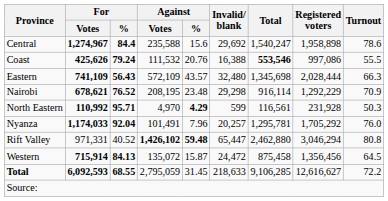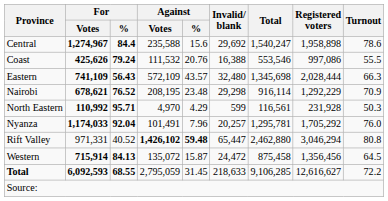 <table class="wikitable sortable" style=text-align:right>
 <tr>
 <th rowspan=2>Province</th>
 <th colspan=2>For</th>
 <th colspan=2>Against</th>
 <th rowspan=2>Invalid/<br>blank</th>
 <th rowspan=2>Total</th>
 <th rowspan=2>Registered<br>voters</th>
 <th rowspan=2>Turnout</th>
 </tr>
 <tr>
 <th>Votes</th>
 <th>%</th>
 <th>Votes</th>
 <th>%</th>
 </tr>
 <tr>
 <td align=left>Central</td>
 <td><strong>1,274,967</strong></td>
 <td><strong>84.4</strong></td>
 <td>235,588</td>
 <td>15.6</td>
 <td>29,692</td>
 <td>1,540,247</td>
 <td>1,958,898</td>
 <td>78.6</td>
 </tr>
 <tr>
 <td align=left>Coast</td>
 <td><strong>425,626</strong></td>
 <td><strong>79.24</strong></td>
 <td>111,532</td>
 <td>20.76</td>
 <td>16,388</td>
-<td><strong>553,546</strong></td>
+<td>553,546</td>
 <td>997,086</td>
 <td>55.5</td>
 </tr>
 <tr>
 <td align=left>Eastern</td>
 <td><strong>741,109</strong></td>
 <td><strong>56.43</strong></td>
 <td>572,109</td>
 <td>43.57</td>
 <td>32,480</td>
 <td>1,345,698</td>
 <td>2,028,444</td>
 <td>66.3</td>
 </tr>
 <tr>
 <td align=left>Nairobi</td>
 <td><strong>678,621</strong></td>
 <td><strong>76.52</strong></td>
 <td>208,195</td>
 <td>23.48</td>
 <td>29,298</td>
 <td>916,114</td>
 <td>1,292,229</td>
 <td>70.9</td>
 </tr>
 <tr>
 <td align=left>North Eastern</td>
 <td><strong>110,992</strong></td>
 <td><strong>95.71</strong></td>
 <td>4,970</td>
-<td><strong>4.29</strong></td>
+<td>4.29</td>
 <td>599</td>
 <td>116,561</td>
 <td>231,928</td>
 <td>50.3</td>
 </tr>
 <tr>
 <td align=left>Nyanza</td>
 <td><strong>1,174,033</strong></td>
 <td><strong>92.04</strong></td>
 <td>101,491</td>
 <td>7.96</td>
 <td>20,257</td>
 <td>1,295,781</td>
 <td>1,705,292</td>
 <td>76.0</td>
 </tr>
 <tr>
 <td align=left>Rift Valley</td>
 <td>971,331</td>
 <td>40.52</td>
 <td><strong>1,426,102</strong></td>
 <td><strong>59.48</strong></td>
 <td>65,447</td>
 <td>2,462,880</td>
 <td>3,046,294</td>
 <td>80.8</td>
 </tr>
 <tr>
 <td align=left>Western</td>
 <td><strong>715,914</strong></td>
 <td><strong>84.13</strong></td>
 <td>135,072</td>
 <td>15.87</td>
 <td>24,472</td>
 <td>875,458</td>
 <td>1,356,456</td>
 <td>64.5</td>
 </tr>
 <tr>
 <td align=left><strong>Total</strong></td>
 <td><strong>6,092,593</strong></td>
 <td><strong>68.55</strong></td>
 <td>2,795,059</td>
 <td>31.45</td>
 <td>218,633</td>
 <td>9,106,285</td>
 <td>12,616,627</td>
 <td>72.2</td>
 </tr>
 <tr>
 <td align=left colspan=10>Source: </td>
 </tr>
 </table>
